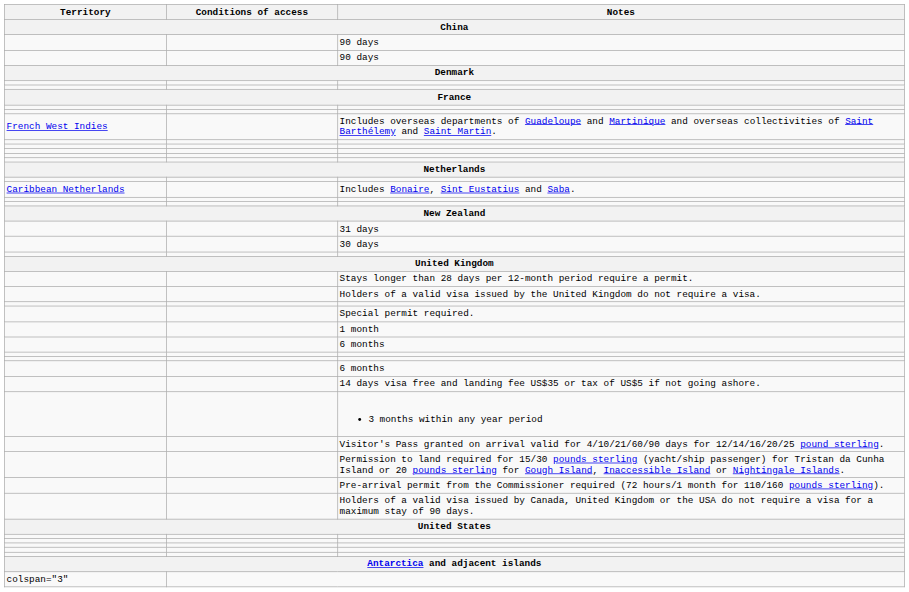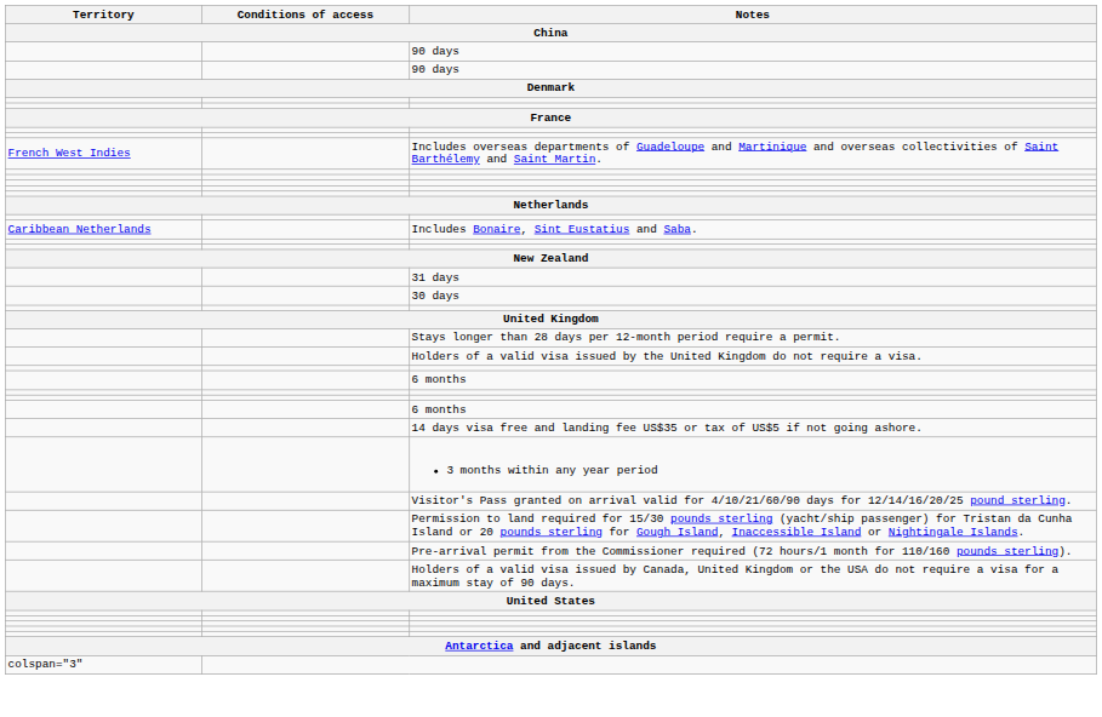 <table class="wikitable" style="text-align: left; table-layout: fixed;">
 <tr>
 <th style="width:18%;">Territory</th>
 <th style="width:19%;">Conditions of access</th>
 <th>Notes</th>
 </tr>
 <tr>
 <th colspan="3">China</th>
 </tr>
 <tr>
 <td></td>
 <td></td>
 <td>90 days</td>
 </tr>
 <tr>
 <td></td>
 <td></td>
 <td>90 days</td>
 </tr>
 <tr>
 <th colspan="3">Denmark</th>
 </tr>
 <tr>
 <td></td>
 <td></td>
 <td></td>
 </tr>
 <tr>
 <td></td>
 <td></td>
 <td></td>
 </tr>
 <tr>
 <th colspan="3">France</th>
 </tr>
 <tr>
 <td></td>
 <td></td>
 <td></td>
 </tr>
 <tr>
 <td></td>
 <td></td>
 <td></td>
 </tr>
 <tr>
 <td> <a href='#'>French West Indies</a></td>
 <td></td>
 <td>Includes overseas departments of <a href='#'>Guadeloupe</a> and <a href='#'>Martinique</a> and overseas collectivities of <a href='#'>Saint Barthélemy</a> and <a href='#'>Saint Martin</a>.</td>
 </tr>
 <tr>
 <td></td>
 <td></td>
 <td></td>
 </tr>
 <tr>
 <td></td>
 <td></td>
 <td></td>
 </tr>
 <tr>
 <td></td>
 <td></td>
 <td></td>
 </tr>
 <tr>
 <td></td>
 <td></td>
 <td></td>
 </tr>
 <tr>
 <td></td>
 <td></td>
 <td></td>
 </tr>
 <tr>
 <th colspan="3">Netherlands</th>
 </tr>
 <tr>
 <td></td>
 <td></td>
 <td></td>
 </tr>
 <tr>
 <td> <a href='#'>Caribbean Netherlands</a></td>
 <td></td>
 <td>Includes <a href='#'>Bonaire</a>, <a href='#'>Sint Eustatius</a> and <a href='#'>Saba</a>.</td>
 </tr>
 <tr>
 <td></td>
 <td></td>
 <td></td>
 </tr>
 <tr>
 <td></td>
 <td></td>
 <td></td>
 </tr>
 <tr>
 <th colspan="3">New Zealand</th>
 </tr>
 <tr>
 <td></td>
 <td></td>
 <td>31 days</td>
 </tr>
 <tr>
 <td></td>
 <td></td>
 <td>30 days</td>
 </tr>
 <tr>
 <td></td>
 <td></td>
 <td></td>
 </tr>
 <tr>
 <th colspan="3">United Kingdom</th>
 </tr>
 <tr>
 <td></td>
 <td></td>
 <td>Stays longer than 28 days per 12-month period require a permit.</td>
 </tr>
 <tr>
 <td></td>
 <td></td>
 <td>Holders of a valid visa issued by the United Kingdom do not require a visa.</td>
 </tr>
 <tr>
 <td></td>
 <td></td>
 <td></td>
 </tr>
 <tr>
 <td></td>
 <td></td>
-<td>Special permit required.</td>
-</tr>
-<tr>
-<td></td>
-<td></td>
-<td>1 month</td>
-</tr>
-<tr>
-<td></td>
-<td></td>
 <td>6 months</td>
 </tr>
 <tr>
 <td></td>
 <td></td>
 <td></td>
 </tr>
 <tr>
 <td></td>
 <td></td>
 <td></td>
 </tr>
 <tr>
 <td></td>
 <td></td>
 <td>6 months</td>
 </tr>
 <tr>
 <td></td>
 <td></td>
 <td>14 days visa free and landing fee US$35 or tax of US$5 if not going ashore.</td>
 </tr>
 <tr>
 <td></td>
 <td></td>
 <td><br><ul><li>3 months within any year period</li></ul></td>
 </tr>
 <tr>
 <td></td>
 <td></td>
 <td>Visitor's Pass granted on arrival valid for 4/10/21/60/90 days for 12/14/16/20/25 <a href='#'>pound sterling</a>.</td>
 </tr>
 <tr>
 <td></td>
 <td></td>
 <td>Permission to land required for 15/30 <a href='#'>pounds sterling</a> (yacht/ship passenger) for Tristan da Cunha Island or 20 <a href='#'>pounds sterling</a> for <a href='#'>Gough Island</a>, <a href='#'>Inaccessible Island</a> or <a href='#'>Nightingale Islands</a>.</td>
 </tr>
 <tr>
 <td></td>
 <td></td>
 <td>Pre-arrival permit from the Commissioner required (72 hours/1 month for 110/160 <a href='#'>pounds sterling</a>).</td>
 </tr>
 <tr>
 <td></td>
 <td></td>
 <td>Holders of a valid visa issued by Canada, United Kingdom or the USA do not require a visa for a maximum stay of 90 days.</td>
 </tr>
 <tr>
 <th colspan="3">United States</th>
 </tr>
 <tr>
 <td></td>
 <td></td>
 <td></td>
 </tr>
 <tr>
 <td></td>
 <td></td>
 <td></td>
 </tr>
 <tr>
 <td></td>
 <td></td>
 <td></td>
 </tr>
 <tr>
 <td></td>
 <td></td>
 <td></td>
 </tr>
 <tr>
 <td></td>
 <td></td>
 <td></td>
 </tr>
 <tr>
 <th colspan="3"><a href='#'>Antarctica</a> and adjacent islands</th>
 </tr>
 <tr>
 <td>colspan="3" </td>
 </tr>
 </table>
